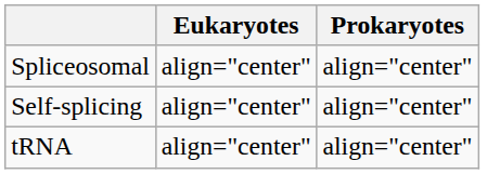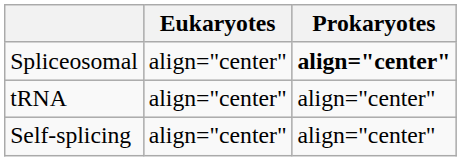 <table class="wikitable">
 <tr>
 <th></th>
 <th>Eukaryotes</th>
 <th>Prokaryotes</th>
 </tr>
 <tr>
 <td>Spliceosomal</td>
 <td>align="center" </td>
+<td><strong>align="center" </strong></td>
+</tr>
+<tr>
+<td>tRNA</td>
+<td>align="center" </td>
 <td>align="center" </td>
 </tr>
 <tr>
 <td>Self-splicing</td>
 <td>align="center" </td>
 <td>align="center" </td>
 </tr>
-<tr>
-<td>tRNA</td>
-<td>align="center" </td>
-<td>align="center" </td>
-</tr>
 </table>
